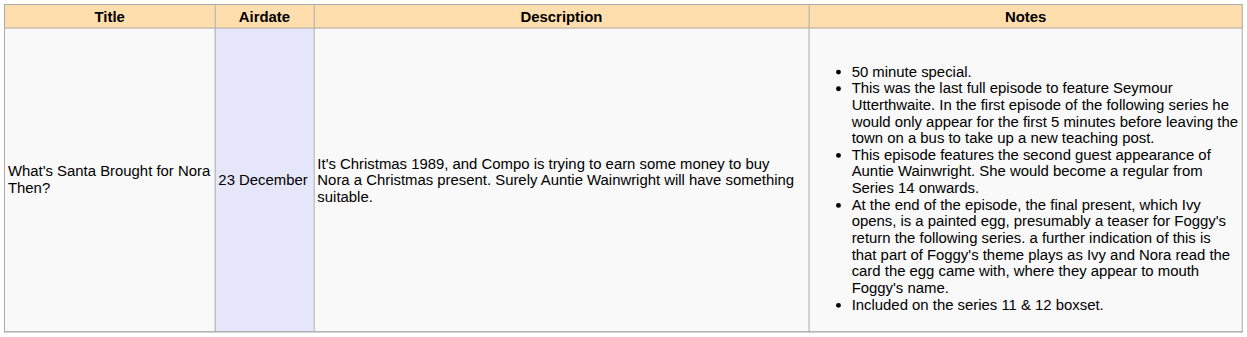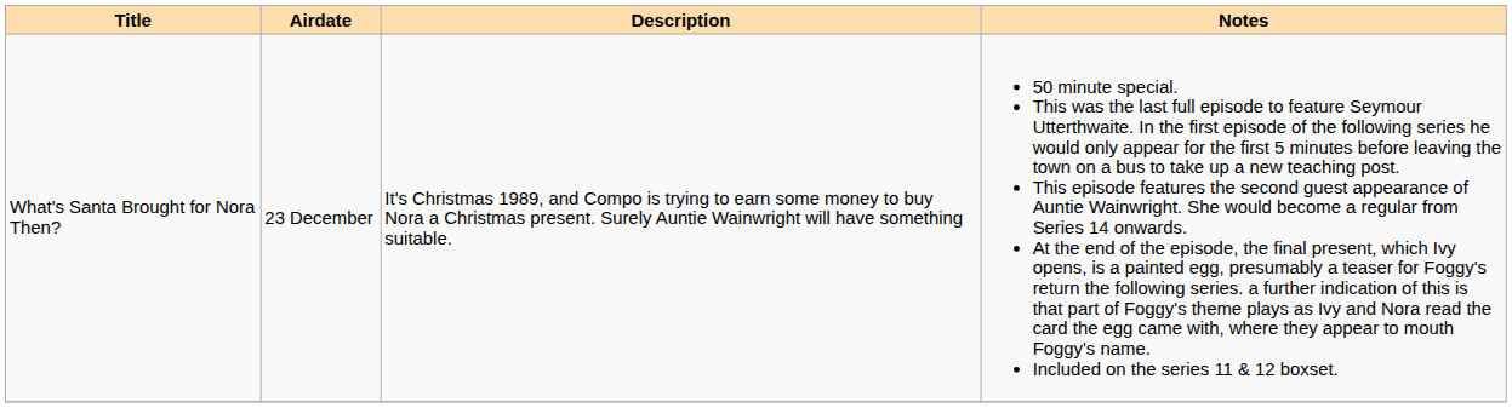 <table class="wikitable" width=100% border=1 style="font-size: 95%">
 <tr>
 <th style="background:#ffdead" width=17%>Title</th>
 <th style="background:#ffdead" width=8%>Airdate</th>
 <th style="background:#ffdead" width=40%>Description</th>
 <th style="background:#ffdead" width=35%>Notes</th>
 </tr>
 <tr>
 <td>What's Santa Brought for Nora Then?</td>
-<td style="background: lavender;">23 December</td>
+<td>23 December</td>
 <td>It's Christmas 1989, and Compo is trying to earn some money to buy Nora a Christmas present. Surely Auntie Wainwright will have something suitable.</td>
 <td><br><ul><li>50 minute special.</li><li>This was the last full episode to feature Seymour Utterthwaite. In the first episode of the following series he would only appear for the first 5 minutes before leaving the town on a bus to take up a new teaching post.</li><li>This episode features the second guest appearance of Auntie Wainwright. She would become a regular from Series 14 onwards.</li><li>At the end of the episode, the final present, which Ivy opens, is a painted egg, presumably a teaser for Foggy's return the following series. a further indication of this is that part of Foggy's theme plays as Ivy and Nora read the card the egg came with, where they appear to mouth Foggy's name.</li><li>Included on the series 11 & 12 boxset.</li></ul></td>
 </tr>
 <tr>
 </tr>
 </table>
